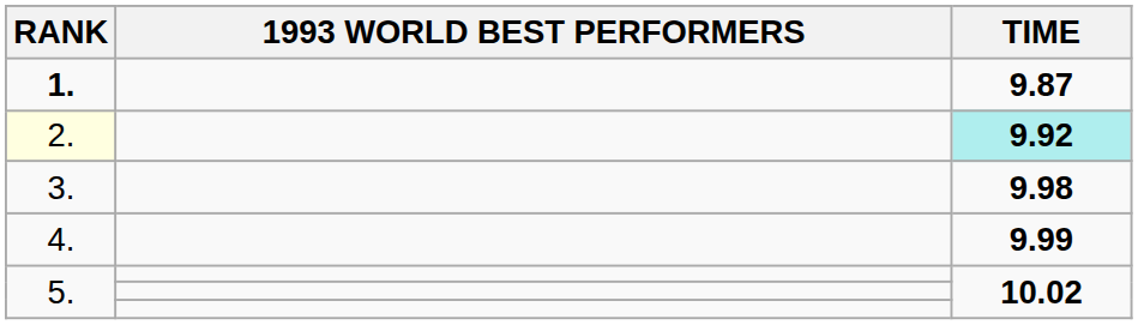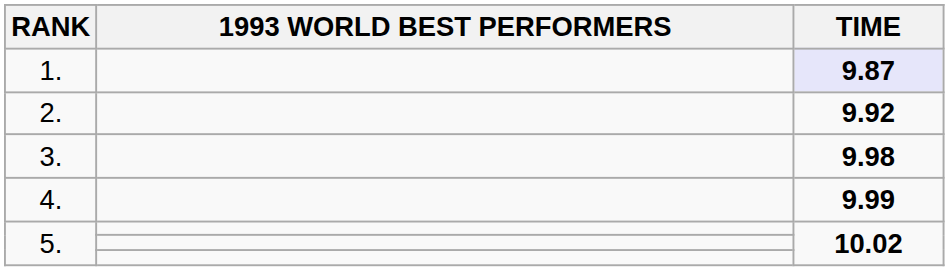 <table class="wikitable" style="border-collapse: collapse; font-size: 90%;">
 <tr>
 <th>RANK</th>
 <th align="center" style="width: 25em">1993 WORLD BEST PERFORMERS</th>
 <th align="center" style="width: 5em">TIME</th>
 </tr>
 <tr>
-<td align="center"><strong>1.</strong></td>
+<td align="center">1.</td>
 <td></td>
-<td align="center"><strong>9.87</strong></td>
+<td align="center" style="background: lavender;"><strong>9.87</strong></td>
 </tr>
 <tr>
-<td align="center" style="background: lightyellow;">2.</td>
+<td align="center">2.</td>
 <td></td>
-<td align="center" style="background: paleturquoise;"><strong>9.92</strong></td>
+<td align="center"><strong>9.92</strong></td>
 </tr>
 <tr>
 <td align="center">3.</td>
 <td></td>
 <td align="center"><strong>9.98</strong></td>
 </tr>
 <tr>
 <td align="center">4.</td>
 <td></td>
 <td align="center"><strong>9.99</strong></td>
 </tr>
 <tr>
 <td rowspan=3 align="center">5.</td>
 <td></td>
 <td rowspan=3 align="center"><strong>10.02</strong></td>
 </tr>
 <tr>
 <td></td>
 </tr>
 <tr>
 <td></td>
 </tr>
 </table>
